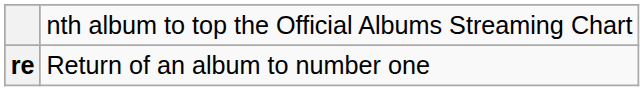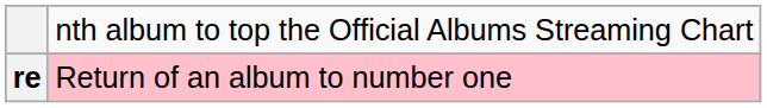 <table class="wikitable plainrowheaders sortable" style="font-size:90%;">
 <tr>
 <th scope=col></th>
 <td>nth album to top the Official Albums Streaming Chart</td>
 </tr>
 <tr>
 <th scope=row style="text-align:center;">re</th>
-<td>Return of an album to number one</td>
+<td style="background: pink;">Return of an album to number one</td>
 </tr>
 </table>
